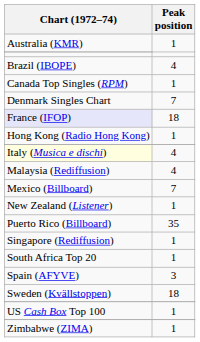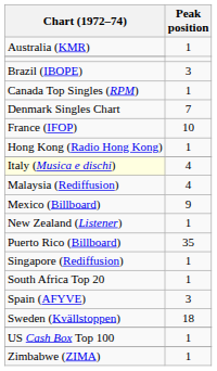 <table class="wikitable sortable">
 <tr>
 <th scope="col">Chart (1972–74)</th>
 <th scope="col">Peak<br> position</th>
 </tr>
 <tr>
 <td>Australia (<a href='#'>KMR</a>)</td>
 <td style="text-align:center;">1</td>
 </tr>
 <tr>
 </tr>
 <tr>
 <td></td>
 </tr>
 <tr>
 <td>Brazil (<a href='#'>IBOPE</a>)</td>
-<td align=center>4</td>
+<td align=center>3</td>
 </tr>
 <tr>
 <td>Canada Top Singles (<em><a href='#'>RPM</a></em>)</td>
 <td style="text-align:center;">1</td>
 </tr>
 <tr>
 <td>Denmark Singles Chart</td>
 <td align=center>7</td>
 </tr>
 <tr>
-<td style="background: lavender;">France (<a href='#'>IFOP</a>)</td>
-<td align="center">18</td>
+<td>France (<a href='#'>IFOP</a>)</td>
+<td align="center">10</td>
 </tr>
 <tr>
 <td>Hong Kong (<a href='#'>Radio Hong Kong</a>)</td>
 <td align=center>1</td>
 </tr>
 <tr>
 </tr>
 <tr>
 <td style="background: lightyellow;">Italy (<em><a href='#'>Musica e dischi</a></em>)</td>
 <td align="center">4</td>
 </tr>
 <tr>
 <td>Malaysia (<a href='#'>Rediffusion</a>)</td>
 <td align=center>4</td>
 </tr>
 <tr>
 <td>Mexico (<a href='#'>Billboard</a>)</td>
-<td align=center>7</td>
+<td align=center>9</td>
 </tr>
 <tr>
 <td>New Zealand (<em><a href='#'>Listener</a></em>)</td>
 <td align=center>1</td>
 </tr>
 <tr>
 <td>Puerto Rico (<a href='#'>Billboard</a>)</td>
 <td align=center>35</td>
 </tr>
 <tr>
 <td>Singapore (<a href='#'>Rediffusion</a>)</td>
 <td align=center>1</td>
 </tr>
 <tr>
 <td>South Africa Top 20</td>
 <td align=center>1</td>
 </tr>
 <tr>
 <td align="left">Spain (<a href='#'>AFYVE</a>)</td>
 <td align="center">3</td>
 </tr>
 <tr>
 <td>Sweden (<a href='#'>Kvällstoppen</a>)</td>
 <td style="text-align:center;">18</td>
 </tr>
 <tr>
 </tr>
 <tr>
 </tr>
 <tr>
 </tr>
 <tr>
 </tr>
 <tr>
 <td>US <em><a href='#'>Cash Box</a></em> Top 100 </td>
 <td style="text-align:center;">1</td>
 </tr>
 <tr>
 </tr>
 <tr>
 <td>Zimbabwe (<a href='#'>ZIMA</a>)</td>
 <td style="text-align:center;">1</td>
 </tr>
 </table>
